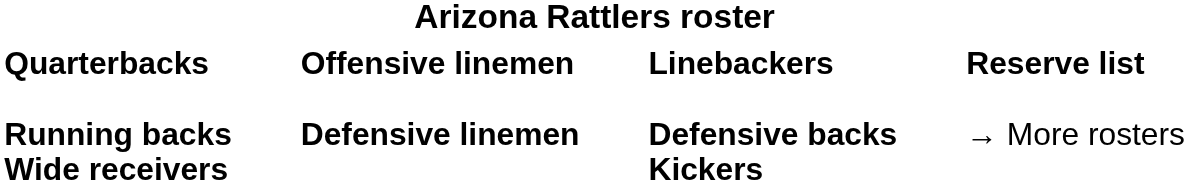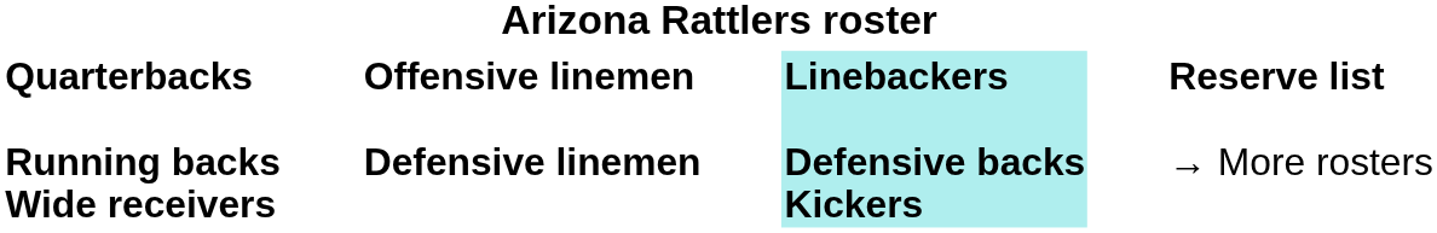 <table class="toccolours" style="text-align: left;">
 <tr>
 <th colspan=7 style="text-align:center; ">Arizona Rattlers roster</th>
 </tr>
 <tr>
 <td style="font-size: 95%;vertical-align:top;"><strong>Quarterbacks</strong><br> <br><strong>Running backs</strong>  <br><strong>Wide receivers</strong>      </td>
 <td style="width: 25px;"></td>
 <td style="font-size: 95%;vertical-align:top;"><strong>Offensive linemen</strong><br>   <br><strong>Defensive linemen</strong>    </td>
 <td style="width: 25px;"></td>
-<td style="font-size: 95%;vertical-align:top;"><strong>Linebackers</strong><br><br><strong>Defensive backs</strong>     <br><strong>Kickers</strong> </td>
+<td style="background: paleturquoise; font-size: 95%;vertical-align:top;"><strong>Linebackers</strong><br><br><strong>Defensive backs</strong>     <br><strong>Kickers</strong> </td>
 <td style="width: 25px;"></td>
 <td style="font-size: 95%;vertical-align:top;"><strong>Reserve list</strong><br>      <br>→ More rosters</td>
 </tr>
 <tr>
 </tr>
 </table>
